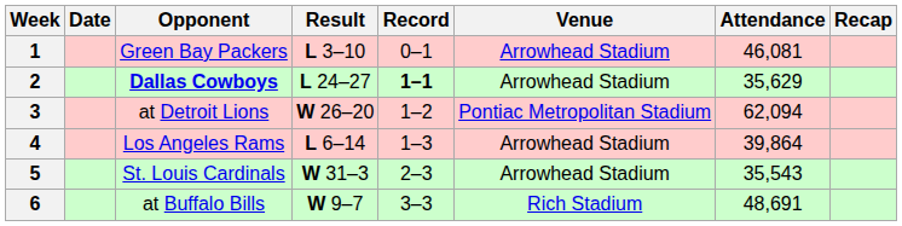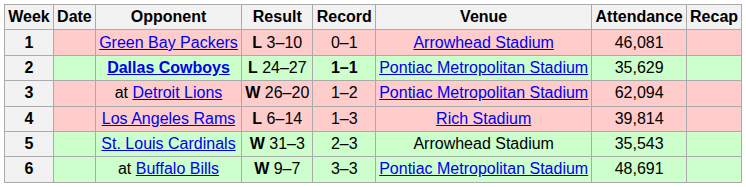 <table class="wikitable" style="text-align:center">
 <tr>
 <th>Week</th>
 <th>Date</th>
 <th>Opponent</th>
 <th>Result</th>
 <th>Record</th>
 <th>Venue</th>
 <th>Attendance</th>
 <th>Recap</th>
 </tr>
 <tr style="background:#fcc">
 <th>1</th>
 <td></td>
 <td><a href='#'>Green Bay Packers</a></td>
 <td><strong>L</strong> 3–10</td>
 <td>0–1</td>
 <td><a href='#'>Arrowhead Stadium</a></td>
 <td>46,081</td>
 <td></td>
 </tr>
 <tr style="background:#cfc">
 <th>2</th>
 <td></td>
 <td><strong><a href='#'>Dallas Cowboys</a></strong></td>
 <td><strong>L</strong> 24–27</td>
 <td><strong>1–1</strong></td>
-<td>Arrowhead Stadium</td>
+<td><a href='#'>Pontiac Metropolitan Stadium</a></td>
 <td>35,629</td>
 <td></td>
 </tr>
 <tr style="background:#fcc">
 <th>3</th>
 <td></td>
 <td>at <a href='#'>Detroit Lions</a></td>
 <td><strong>W</strong> 26–20</td>
 <td>1–2</td>
 <td><a href='#'>Pontiac Metropolitan Stadium</a></td>
 <td>62,094</td>
 <td></td>
 </tr>
 <tr style="background:#fcc">
 <th>4</th>
 <td></td>
 <td><a href='#'>Los Angeles Rams</a></td>
 <td><strong>L</strong> 6–14</td>
 <td>1–3</td>
-<td>Arrowhead Stadium</td>
-<td>39,864</td>
+<td><a href='#'>Rich Stadium</a></td>
+<td>39,814</td>
 <td></td>
 </tr>
 <tr style="background:#cfc">
 <th>5</th>
 <td></td>
 <td><a href='#'>St. Louis Cardinals</a></td>
 <td><strong>W</strong> 31–3</td>
 <td>2–3</td>
 <td>Arrowhead Stadium</td>
 <td>35,543</td>
 <td></td>
 </tr>
 <tr style="background:#cfc">
 <th>6</th>
 <td></td>
 <td>at <a href='#'>Buffalo Bills</a></td>
 <td><strong>W</strong> 9–7</td>
 <td>3–3</td>
-<td><a href='#'>Rich Stadium</a></td>
+<td><a href='#'>Pontiac Metropolitan Stadium</a></td>
 <td>48,691</td>
 <td></td>
 </tr>
 </table>
